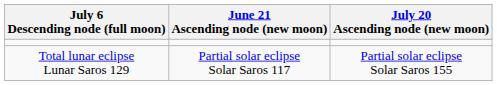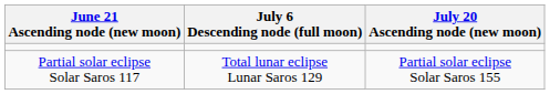 <table class="wikitable">
 <tr>
+<th><a href='#'>June 21</a><br>Ascending node (new moon)<br></th>
 <th>July 6<br>Descending node (full moon)<br></th>
-<th><a href='#'>June 21</a><br>Ascending node (new moon)<br></th>
 <th><a href='#'>July 20</a><br>Ascending node (new moon)<br></th>
 </tr>
 <tr>
 <td></td>
 <td></td>
 <td></td>
 </tr>
 <tr align=center>
+<td><a href='#'>Partial solar eclipse</a><br>Solar Saros 117</td>
 <td><a href='#'>Total lunar eclipse</a><br>Lunar Saros 129</td>
-<td><a href='#'>Partial solar eclipse</a><br>Solar Saros 117</td>
 <td><a href='#'>Partial solar eclipse</a><br>Solar Saros 155</td>
 </tr>
 </table>
